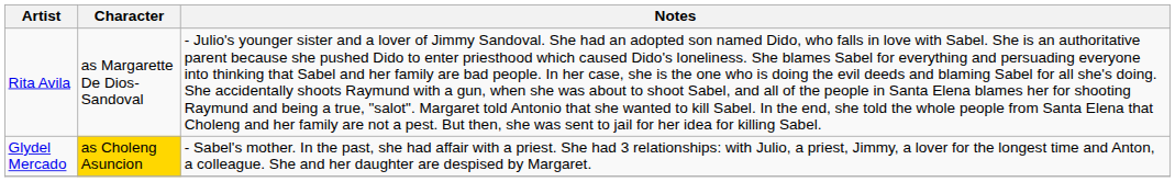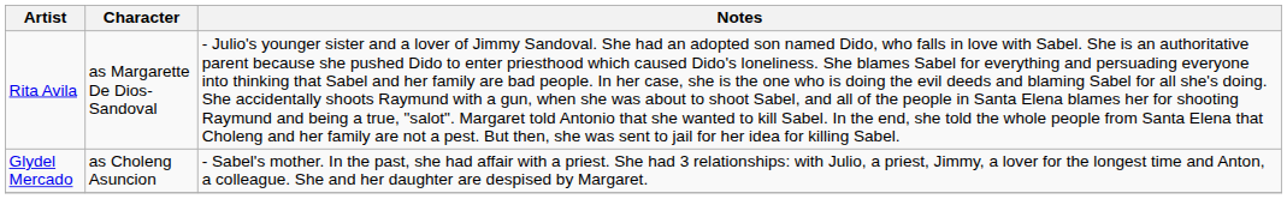 <table class="wikitable">
 <tr>
 <th>Artist</th>
 <th>Character</th>
 <th>Notes</th>
 </tr>
 <tr>
 <td><a href='#'>Rita Avila</a></td>
 <td>as Margarette De Dios-Sandoval</td>
 <td>- Julio's younger sister and a lover of Jimmy Sandoval. She had an adopted son named Dido, who falls in love with Sabel. She is an authoritative parent because she pushed Dido to enter priesthood which caused Dido's loneliness. She blames Sabel for everything and persuading everyone into thinking that Sabel and her family are bad people. In her case, she is the one who is doing the evil deeds and blaming Sabel for all she's doing. She accidentally shoots Raymund with a gun, when she was about to shoot Sabel, and all of the people in Santa Elena blames her for shooting Raymund and being a true, "salot". Margaret told Antonio that she wanted to kill Sabel. In the end, she told the whole people from Santa Elena that Choleng and her family are not a pest. But then, she was sent to jail for her idea for killing Sabel.</td>
 </tr>
 <tr>
 <td><a href='#'>Glydel Mercado</a></td>
-<td style="background: gold;">as Choleng Asuncion</td>
+<td>as Choleng Asuncion</td>
 <td>- Sabel's mother. In the past, she had affair with a priest. She had 3 relationships: with Julio, a priest, Jimmy, a lover for the longest time and  Anton, a colleague. She and her daughter are despised by Margaret.</td>
 </tr>
 <tr>
 </tr>
 </table>
